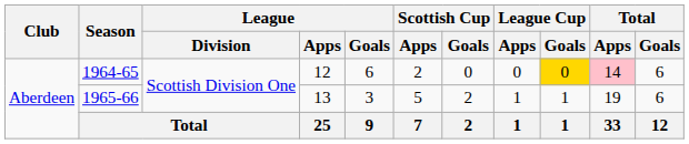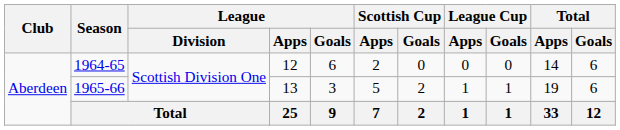 <table class="wikitable" style="text-align:center">
 <tr>
 <th rowspan="2">Club</th>
 <th rowspan="2">Season</th>
 <th colspan="3">League</th>
 <th colspan="2">Scottish Cup</th>
 <th colspan="2">League Cup</th>
 <th colspan="2">Total</th>
 </tr>
 <tr>
 <th>Division</th>
 <th>Apps</th>
 <th>Goals</th>
 <th>Apps</th>
 <th>Goals</th>
 <th>Apps</th>
 <th>Goals</th>
 <th>Apps</th>
 <th>Goals</th>
 </tr>
 <tr>
 <td rowspan="3"><a href='#'>Aberdeen</a></td>
 <td><a href='#'>1964-65</a></td>
 <td rowspan="2"><a href='#'>Scottish Division One</a></td>
 <td>12</td>
 <td>6</td>
 <td>2</td>
 <td>0</td>
 <td>0</td>
-<td style="background: gold;">0</td>
-<td style="background: pink;">14</td>
+<td>0</td>
+<td>14</td>
 <td>6</td>
 </tr>
 <tr>
 <td><a href='#'>1965-66</a></td>
 <td>13</td>
 <td>3</td>
 <td>5</td>
 <td>2</td>
 <td>1</td>
 <td>1</td>
 <td>19</td>
 <td>6</td>
 </tr>
 <tr>
 <th colspan="2">Total</th>
 <th>25</th>
 <th>9</th>
 <th>7</th>
 <th>2</th>
 <th>1</th>
 <th>1</th>
 <th>33</th>
 <th>12</th>
 </tr>
 </table>
